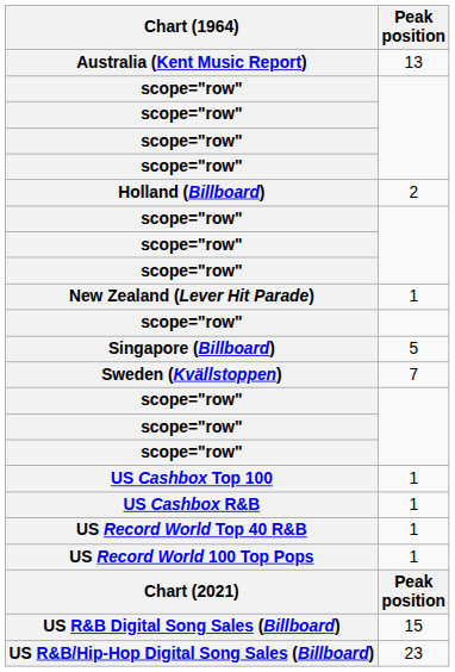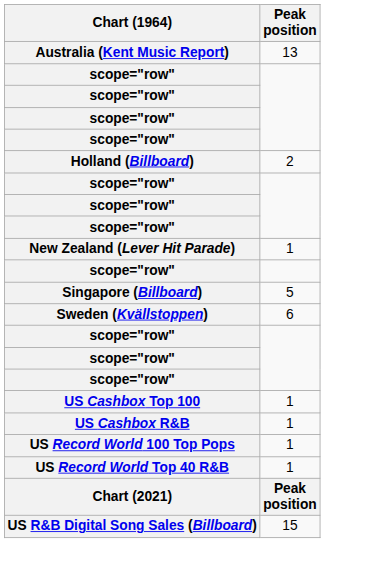 <table class="wikitable sortable plainrowheaders">
 <tr>
 <th scope="col">Chart (1964)</th>
 <th scope="col">Peak<br>position</th>
 </tr>
 <tr>
 <th scope="row">Australia (<a href='#'>Kent Music Report</a>)</th>
 <td align="center">13</td>
 </tr>
 <tr>
 <th>scope="row" </th>
 </tr>
 <tr>
 <th>scope="row" </th>
 </tr>
 <tr>
 <th>scope="row" </th>
 </tr>
 <tr>
 <th>scope="row" </th>
 </tr>
 <tr>
 <th scope="row">Holland (<a href='#'><em>Billboard</em></a>)</th>
 <td style="text-align:center;">2</td>
 </tr>
 <tr>
 <th>scope="row" </th>
 </tr>
 <tr>
 <th>scope="row" </th>
 </tr>
 <tr>
 <th>scope="row" </th>
 </tr>
 <tr>
 <th scope="row">New Zealand (<em>Lever Hit Parade</em>)</th>
 <td align="center">1</td>
 </tr>
 <tr>
 <th>scope="row" </th>
 </tr>
 <tr>
 <th scope="row">Singapore (<a href='#'><em>Billboard</em></a>)</th>
 <td style="text-align:center;">5</td>
 </tr>
 <tr>
 <th scope="row">Sweden (<em><a href='#'>Kvällstoppen</a></em>)</th>
-<td align="center">7</td>
+<td align="center">6</td>
 </tr>
 <tr>
 <th>scope="row" </th>
 </tr>
 <tr>
 <th>scope="row" </th>
 </tr>
 <tr>
 <th>scope="row" </th>
 </tr>
 <tr>
 <th scope="row"><a href='#'>US <em>Cashbox</em> Top 100</a></th>
 <td style="text-align:center;">1</td>
 </tr>
 <tr>
 <th scope="row"><a href='#'>US <em>Cashbox</em> R&B</a></th>
 <td style="text-align:center;">1</td>
 </tr>
 <tr>
-<th scope="row">US <a href='#'><em>Record World</em> Top 40 R&B</a></th>
+<th scope="row">US <a href='#'><em>Record World</em> 100 Top Pops</a></th>
 <td style="text-align:center;">1</td>
 </tr>
 <tr>
-<th scope="row">US <a href='#'><em>Record World</em> 100 Top Pops</a></th>
+<th scope="row">US <a href='#'><em>Record World</em> Top 40 R&B</a></th>
 <td style="text-align:center;">1</td>
 </tr>
 <tr>
 <th scope="col">Chart (2021)</th>
 <th scope="col">Peak<br>position</th>
 </tr>
 <tr>
 <th scope="row">US <a href='#'>R&B Digital Song Sales</a> (<a href='#'><em>Billboard</em></a>)</th>
 <td style="text-align:center;">15</td>
 </tr>
-<tr>
-<th scope="row">US <a href='#'>R&B/Hip-Hop Digital Song Sales</a> (<a href='#'><em>Billboard</em></a>)</th>
-<td style="text-align:center;">23</td>
-</tr>
 </table>
